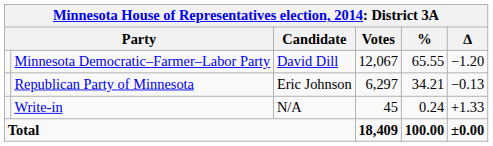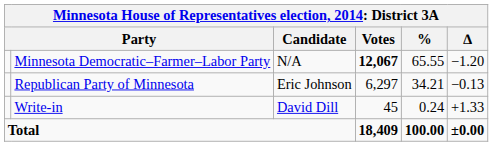 <table class="wikitable">
 <tr>
 <th colspan="6"><a href='#'>Minnesota House of Representatives election, 2014</a>: District 3A</th>
 </tr>
 <tr>
 <th colspan="2">Party</th>
 <th>Candidate</th>
 <th>Votes</th>
 <th>%</th>
 <th>∆</th>
 </tr>
 <tr>
 <td style="background-color:"></td>
 <td><a href='#'>Minnesota Democratic–Farmer–Labor Party</a></td>
-<td><a href='#'>David Dill</a></td>
-<td align="right">12,067</td>
+<td>N/A</td>
+<td align="right"><strong>12,067</strong></td>
 <td align="right">65.55</td>
 <td align="right">−1.20</td>
 </tr>
 <tr>
 <td style="background-color:"></td>
 <td><a href='#'>Republican Party of Minnesota</a></td>
 <td>Eric Johnson</td>
 <td align="right">6,297</td>
 <td align="right">34.21</td>
 <td align="right">−0.13</td>
 </tr>
 <tr>
 <td style="background-color:"></td>
 <td><a href='#'>Write-in</a></td>
-<td>N/A</td>
+<td><a href='#'>David Dill</a></td>
 <td align="right">45</td>
 <td align="right">0.24</td>
 <td align="right">+1.33</td>
 </tr>
 <tr>
 <td colspan="3"><strong>Total</strong></td>
 <td align="right"><strong>18,409</strong></td>
 <td align="right"><strong>100.00</strong></td>
 <td align="right"><strong>±0.00</strong></td>
 </tr>
 </table>
